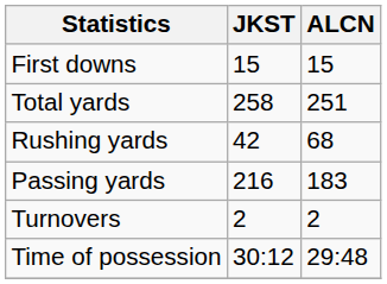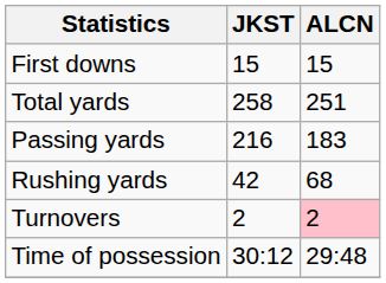 <table class="wikitable">
 <tr>
 <th>Statistics</th>
 <th>JKST</th>
 <th>ALCN</th>
 </tr>
 <tr>
 <td>First downs</td>
 <td>15</td>
 <td>15</td>
 </tr>
 <tr>
 <td>Total yards</td>
 <td>258</td>
 <td>251</td>
 </tr>
 <tr>
+<td>Passing yards</td>
+<td>216</td>
+<td>183</td>
+</tr>
+<tr>
 <td>Rushing yards</td>
 <td>42</td>
 <td>68</td>
 </tr>
 <tr>
-<td>Passing yards</td>
-<td>216</td>
-<td>183</td>
-</tr>
-<tr>
 <td>Turnovers</td>
 <td>2</td>
-<td>2</td>
+<td style="background: pink;">2</td>
 </tr>
 <tr>
 <td>Time of possession</td>
 <td>30:12</td>
 <td>29:48</td>
 </tr>
 <tr>
 </tr>
 </table>
